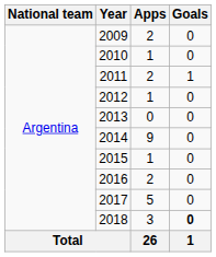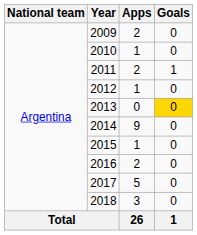 <table class="wikitable" style="text-align:center">
 <tr>
 <th>National team</th>
 <th>Year</th>
 <th>Apps</th>
 <th>Goals</th>
 </tr>
 <tr>
 <td rowspan="10"><a href='#'>Argentina</a></td>
 <td>2009</td>
 <td>2</td>
 <td>0</td>
 </tr>
 <tr>
 <td>2010</td>
 <td>1</td>
 <td>0</td>
 </tr>
 <tr>
 <td>2011</td>
 <td>2</td>
 <td>1</td>
 </tr>
 <tr>
 <td>2012</td>
 <td>1</td>
 <td>0</td>
 </tr>
 <tr>
 <td>2013</td>
 <td>0</td>
-<td>0</td>
+<td style="background: gold;">0</td>
 </tr>
 <tr>
 <td>2014</td>
 <td>9</td>
 <td>0</td>
 </tr>
 <tr>
 <td>2015</td>
 <td>1</td>
 <td>0</td>
 </tr>
 <tr>
 <td>2016</td>
 <td>2</td>
 <td>0</td>
 </tr>
 <tr>
 <td>2017</td>
 <td>5</td>
 <td>0</td>
 </tr>
 <tr>
 <td>2018</td>
 <td>3</td>
-<td><strong>0</strong></td>
+<td>0</td>
 </tr>
 <tr>
 <th colspan="2">Total</th>
 <th>26</th>
 <th>1</th>
 </tr>
 </table>
